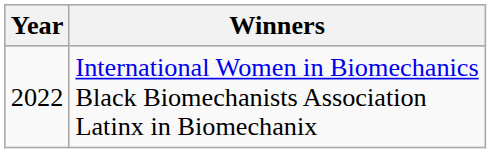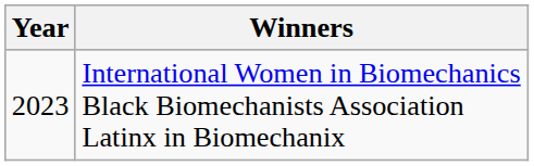 <table class="wikitable">
 <tr>
 <th>Year</th>
 <th>Winners</th>
 </tr>
 <tr>
-<td>2022</td>
+<td>2023</td>
 <td><a href='#'>International Women in Biomechanics</a><br>Black Biomechanists Association<br>Latinx in Biomechanix</td>
 </tr>
 </table>
